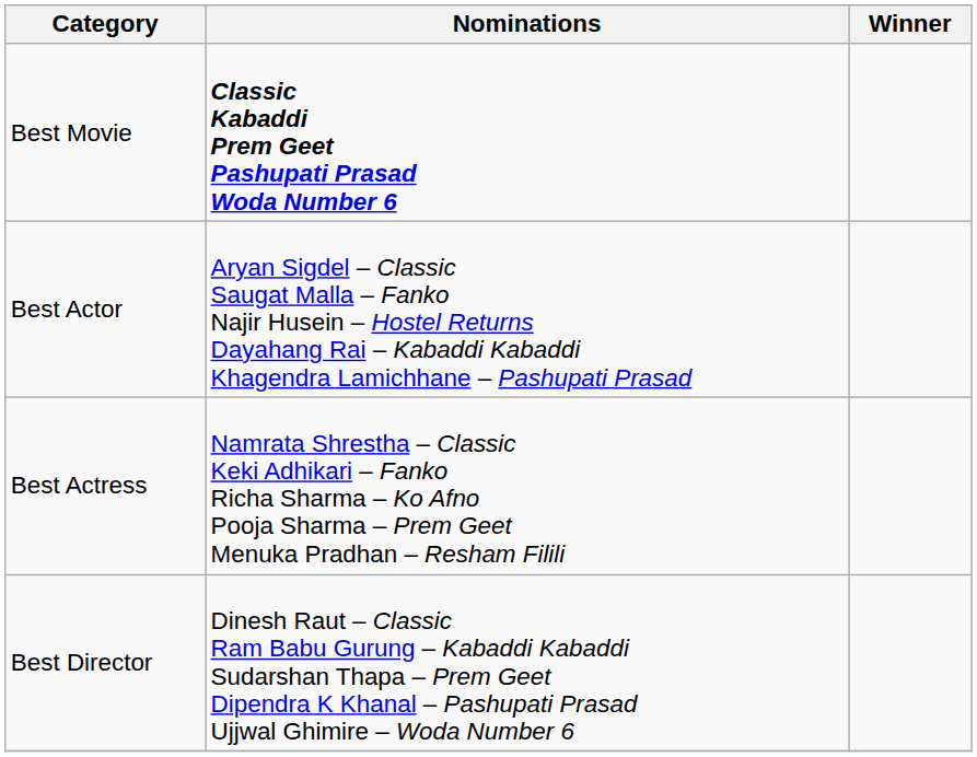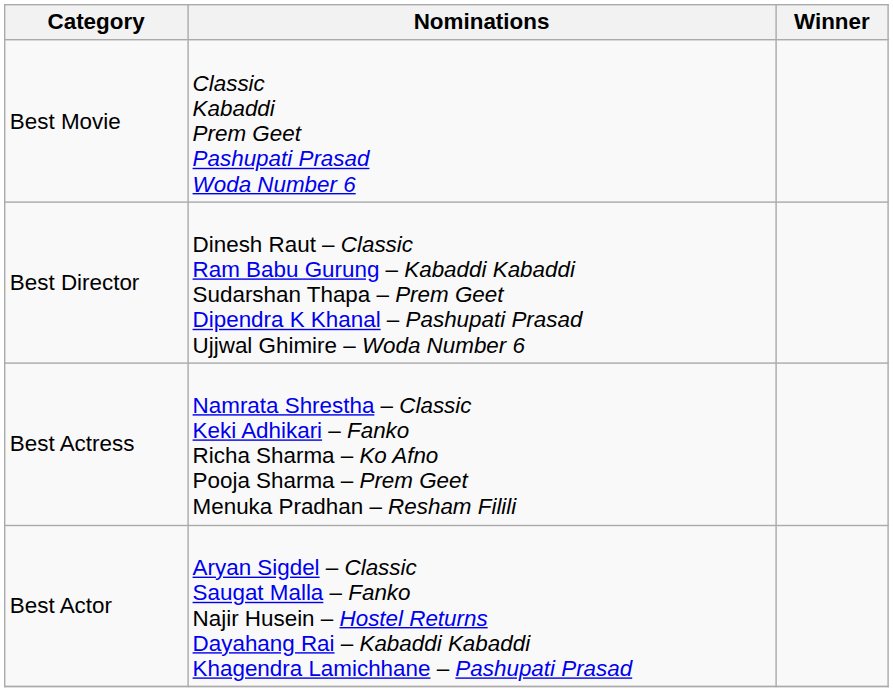 <table class="wikitable" style="width:50%;"  >
 <tr>
 <th>Category</th>
 <th>Nominations</th>
 <th>Winner</th>
 </tr>
 <tr>
 <td>Best Movie</td>
-<td><strong><br><em>Classic</em> <br><em>Kabaddi</em> <br><em>Prem Geet</em> <br><em><a href='#'>Pashupati Prasad</a></em> <br><em><a href='#'>Woda Number 6</a></em></strong></td>
+<td><br><em>Classic</em> <br><em>Kabaddi</em> <br><em>Prem Geet</em> <br><em><a href='#'>Pashupati Prasad</a></em> <br><em><a href='#'>Woda Number 6</a></em></td>
+<td></td>
+</tr>
+<tr>
+<td>Best Director</td>
+<td><br>Dinesh Raut – <em>Classic</em> <br><a href='#'>Ram Babu Gurung</a> – <em>Kabaddi Kabaddi</em> <br>Sudarshan Thapa – <em>Prem Geet</em> <br><a href='#'>Dipendra K Khanal</a> – <em>Pashupati Prasad</em> <br>Ujjwal Ghimire – <em>Woda Number 6</em></td>
+<td></td>
+</tr>
+<tr>
+<td>Best Actress</td>
+<td><br><a href='#'>Namrata Shrestha</a> – <em>Classic</em> <br><a href='#'>Keki Adhikari</a> – <em>Fanko</em> <br>Richa Sharma – <em>Ko Afno</em> <br>Pooja Sharma – <em>Prem Geet</em> <br>Menuka Pradhan – <em>Resham Filili</em></td>
 <td></td>
 </tr>
 <tr>
 <td>Best Actor</td>
 <td><br><a href='#'>Aryan Sigdel</a> – <em>Classic</em> <br><a href='#'>Saugat Malla</a> – <em>Fanko</em> <br>Najir Husein – <em><a href='#'>Hostel Returns</a></em> <br><a href='#'>Dayahang Rai</a> – <em>Kabaddi Kabaddi</em> <br><a href='#'>Khagendra Lamichhane</a> – <em><a href='#'>Pashupati Prasad</a></em></td>
 <td></td>
 </tr>
 <tr>
-<td>Best Actress</td>
-<td><br><a href='#'>Namrata Shrestha</a> – <em>Classic</em> <br><a href='#'>Keki Adhikari</a> – <em>Fanko</em> <br>Richa Sharma – <em>Ko Afno</em> <br>Pooja Sharma – <em>Prem Geet</em> <br>Menuka Pradhan – <em>Resham Filili</em></td>
-<td></td>
-</tr>
-<tr>
-<td>Best Director</td>
-<td><br>Dinesh Raut – <em>Classic</em> <br><a href='#'>Ram Babu Gurung</a> – <em>Kabaddi Kabaddi</em> <br>Sudarshan Thapa – <em>Prem Geet</em> <br><a href='#'>Dipendra K Khanal</a> – <em>Pashupati Prasad</em> <br>Ujjwal Ghimire – <em>Woda Number 6</em></td>
-<td></td>
-</tr>
-<tr>
 </tr>
 </table>
